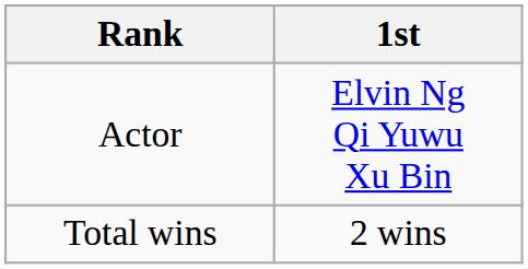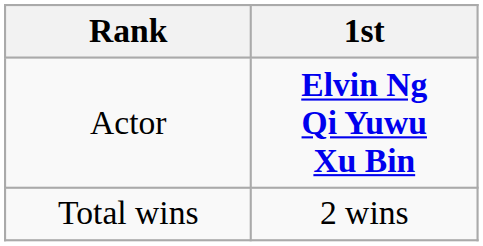 <table class="wikitable" border="1">
 <tr>
 <th width="110">Rank</th>
 <th width="100">1st</th>
 </tr>
 <tr align=center>
 <td>Actor</td>
-<td><a href='#'>Elvin Ng</a><br><a href='#'>Qi Yuwu</a><br><a href='#'>Xu Bin</a></td>
+<td><strong><a href='#'>Elvin Ng</a><br><a href='#'>Qi Yuwu</a><br><a href='#'>Xu Bin</a></strong></td>
 </tr>
 <tr align=center>
 <td>Total wins</td>
 <td>2 wins</td>
 </tr>
 </table>
